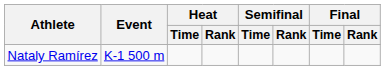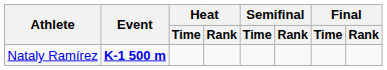 <table class=wikitable style=font-size:90%;text-align:center>
 <tr>
 <th rowspan=2>Athlete</th>
 <th rowspan=2>Event</th>
 <th colspan=2>Heat</th>
 <th colspan=2>Semifinal</th>
 <th colspan=2>Final</th>
 </tr>
 <tr style=font-size:95%>
 <th>Time</th>
 <th>Rank</th>
 <th>Time</th>
 <th>Rank</th>
 <th>Time</th>
 <th>Rank</th>
 </tr>
 <tr>
 <td align=left><a href='#'>Nataly Ramírez</a></td>
-<td align=left><a href='#'>K-1 500 m</a></td>
+<td align=left><strong><a href='#'>K-1 500 m</a></strong></td>
 <td></td>
 <td></td>
 <td></td>
 <td></td>
 <td></td>
 <td></td>
 </tr>
 </table>
